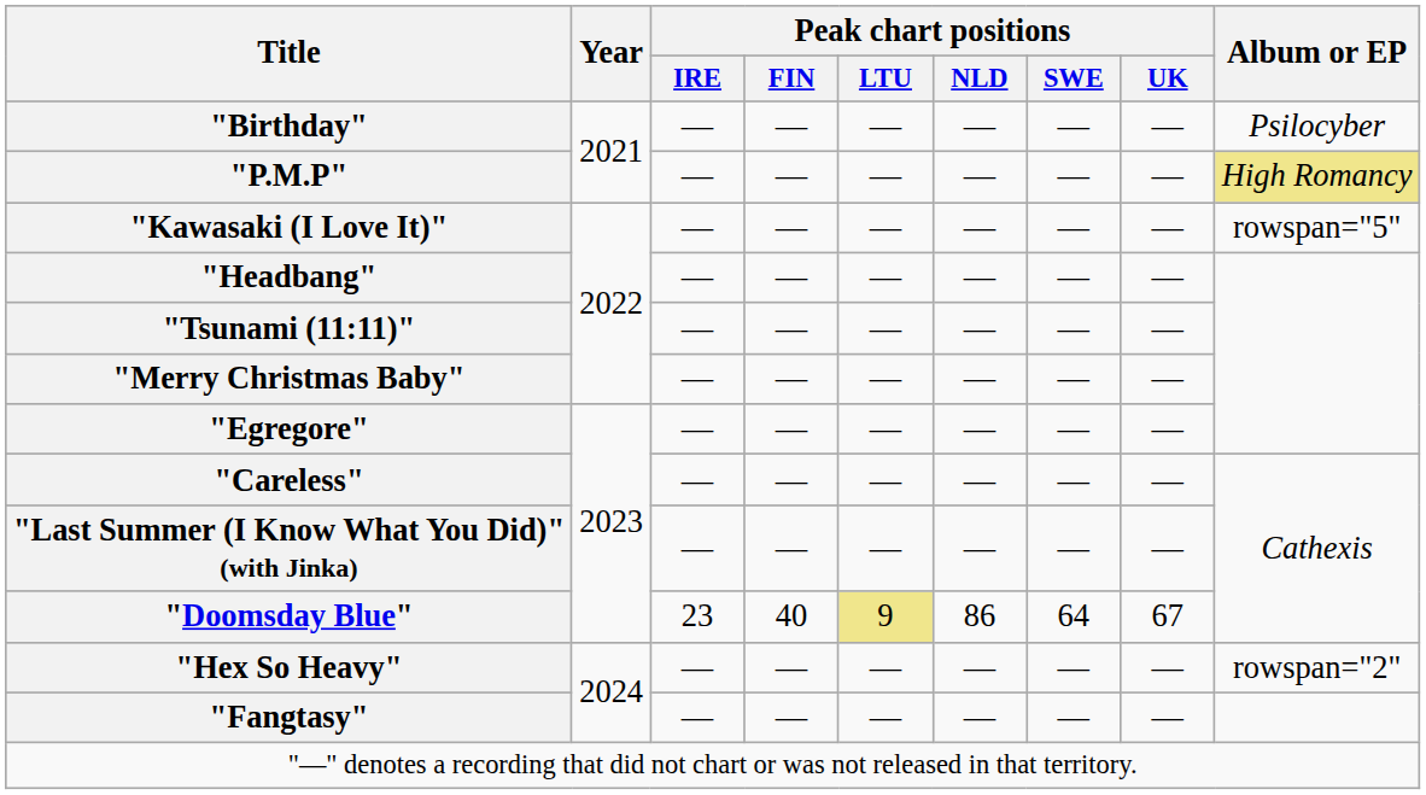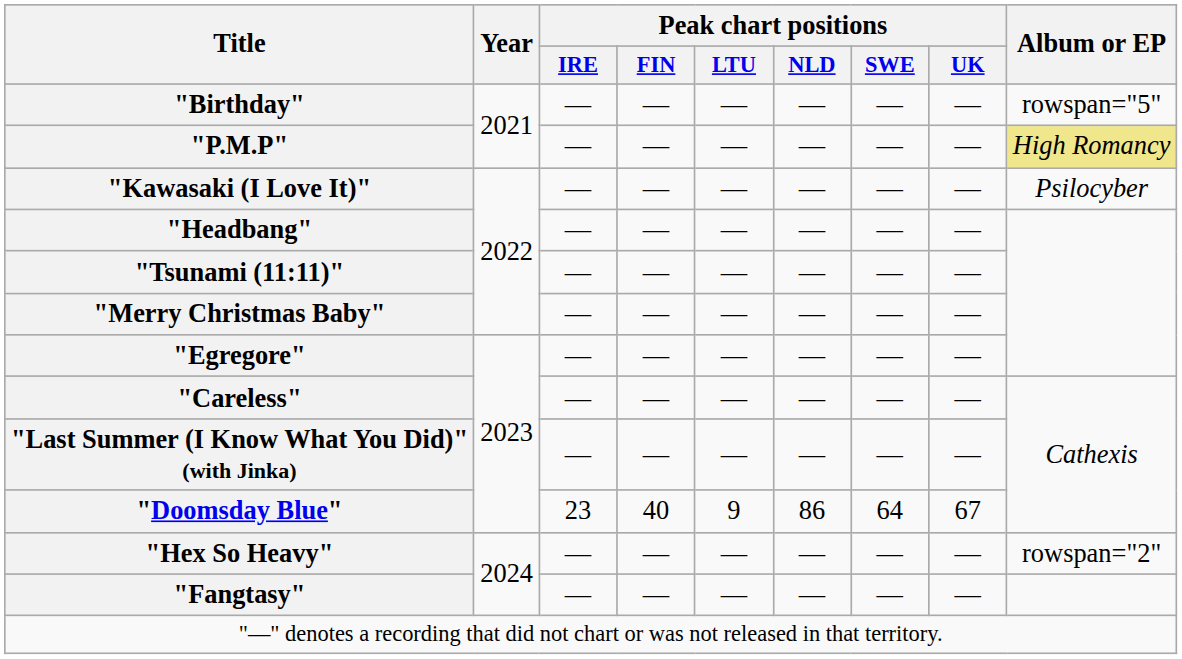 <table class="wikitable plainrowheaders" style="text-align:center;">
 <tr>
 <th scope="col" rowspan="2">Title</th>
 <th scope="col" rowspan="2">Year</th>
 <th scope="col" colspan="6">Peak chart positions</th>
 <th scope="col" rowspan="2">Album or EP</th>
 </tr>
 <tr>
 <th scope="col" style="width:3em;font-size:85%;"><a href='#'>IRE</a><br></th>
 <th scope="col" style="width:3em;font-size:85%;"><a href='#'>FIN</a><br></th>
 <th scope="col" style="width:3em;font-size:85%;"><a href='#'>LTU</a><br></th>
 <th scope="col" style="width:3em;font-size:85%;"><a href='#'>NLD</a><br></th>
 <th scope="col" style="width:3em;font-size:85%;"><a href='#'>SWE</a><br></th>
 <th scope="col" style="width:3em;font-size:85%;"><a href='#'>UK</a><br></th>
 </tr>
 <tr>
 <th scope="row">"Birthday"</th>
 <td rowspan="2">2021</td>
 <td>—</td>
 <td>—</td>
 <td>—</td>
 <td>—</td>
 <td>—</td>
 <td>—</td>
-<td><em>Psilocyber</em></td>
+<td>rowspan="5" </td>
 </tr>
 <tr>
 <th scope="row">"P.M.P"</th>
 <td>—</td>
 <td>—</td>
 <td>—</td>
 <td>—</td>
 <td>—</td>
 <td>—</td>
 <td style="background: khaki;"><em>High Romancy</em></td>
 </tr>
 <tr>
 <th scope="row">"Kawasaki (I Love It)"</th>
 <td rowspan="4">2022</td>
 <td>—</td>
 <td>—</td>
 <td>—</td>
 <td>—</td>
 <td>—</td>
 <td>—</td>
-<td>rowspan="5" </td>
+<td><em>Psilocyber</em></td>
 </tr>
 <tr>
 <th scope="row">"Headbang"</th>
 <td>—</td>
 <td>—</td>
 <td>—</td>
 <td>—</td>
 <td>—</td>
 <td>—</td>
 </tr>
 <tr>
 <th scope="row">"Tsunami (11:11)"</th>
 <td>—</td>
 <td>—</td>
 <td>—</td>
 <td>—</td>
 <td>—</td>
 <td>—</td>
 </tr>
 <tr>
 <th scope="row">"Merry Christmas Baby"</th>
 <td>—</td>
 <td>—</td>
 <td>—</td>
 <td>—</td>
 <td>—</td>
 <td>—</td>
 </tr>
 <tr>
 <th scope="row">"Egregore"</th>
 <td rowspan="4">2023</td>
 <td>—</td>
 <td>—</td>
 <td>—</td>
 <td>—</td>
 <td>—</td>
 <td>—</td>
 </tr>
 <tr>
 <th scope="row">"Careless"</th>
 <td>—</td>
 <td>—</td>
 <td>—</td>
 <td>—</td>
 <td>—</td>
 <td>—</td>
 <td rowspan="3"><em>Cathexis</em></td>
 </tr>
 <tr>
 <th scope="row">"Last Summer (I Know What You Did)"<br><small>(with Jinka)</small></th>
 <td>—</td>
 <td>—</td>
 <td>—</td>
 <td>—</td>
 <td>—</td>
 <td>—</td>
 </tr>
 <tr>
 <th scope="row">"<a href='#'>Doomsday Blue</a>"</th>
 <td>23</td>
 <td>40</td>
-<td style="background: khaki;">9</td>
+<td>9</td>
 <td>86</td>
 <td>64</td>
 <td>67</td>
 </tr>
 <tr>
 <th scope="row">"Hex So Heavy"</th>
 <td rowspan="2">2024</td>
 <td>—</td>
 <td>—</td>
 <td>—</td>
 <td>—</td>
 <td>—</td>
 <td>—</td>
 <td>rowspan="2" </td>
 </tr>
 <tr>
 <th scope="row">"Fangtasy"</th>
 <td>—</td>
 <td>—</td>
 <td>—</td>
 <td>—</td>
 <td>—</td>
 <td>—</td>
 </tr>
 <tr>
 <td colspan="9" style="font-size:85%">"—" denotes a recording that did not chart or was not released in that territory.</td>
 </tr>
 </table>
